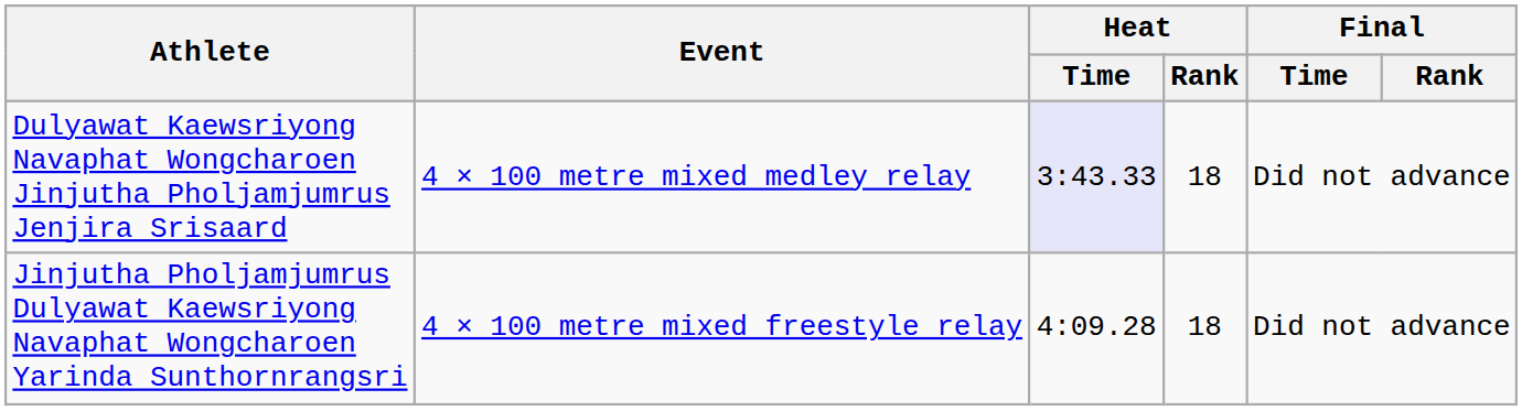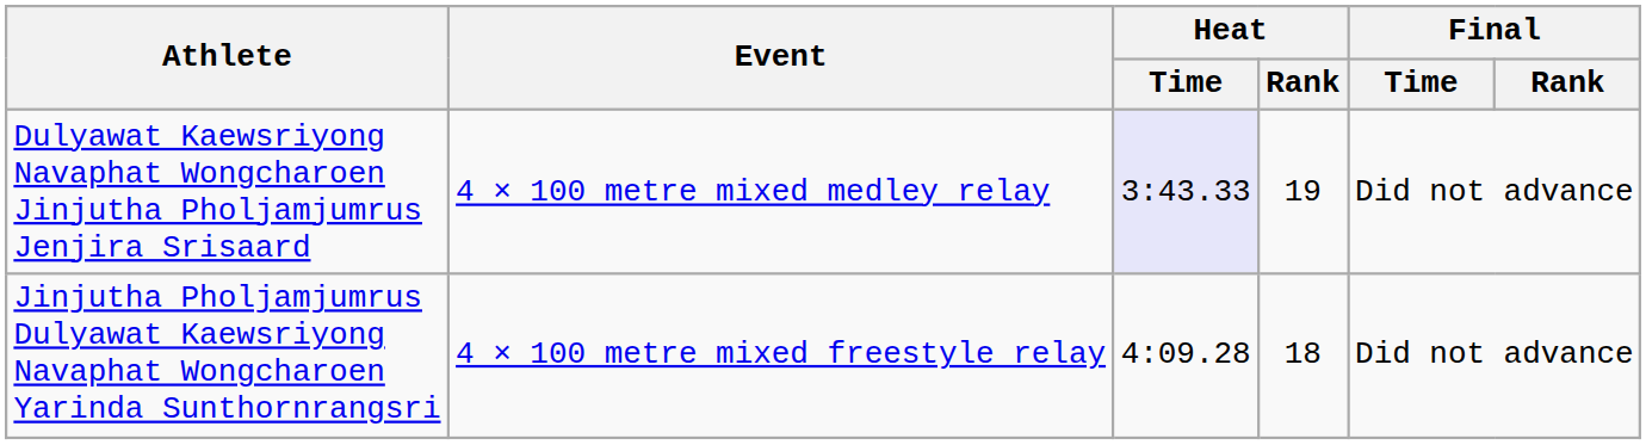 <table class="wikitable" style="font-size:90%;">
 <tr>
 <th rowspan="2">Athlete</th>
 <th rowspan="2">Event</th>
 <th colspan="2">Heat</th>
 <th colspan="2">Final</th>
 </tr>
 <tr>
 <th>Time</th>
 <th>Rank</th>
 <th>Time</th>
 <th>Rank</th>
 </tr>
 <tr align="center">
 <td align="left"><a href='#'>Dulyawat Kaewsriyong</a><br><a href='#'>Navaphat Wongcharoen</a><br><a href='#'>Jinjutha Pholjamjumrus</a><br><a href='#'>Jenjira Srisaard</a></td>
 <td align="left"><a href='#'>4 × 100 metre mixed medley relay</a></td>
 <td style="background: lavender;">3:43.33</td>
-<td>18</td>
+<td>19</td>
 <td colspan=2>Did not advance</td>
 </tr>
 <tr align="center">
 <td align="left"><a href='#'>Jinjutha Pholjamjumrus</a><br><a href='#'>Dulyawat Kaewsriyong</a><br><a href='#'>Navaphat Wongcharoen</a><br><a href='#'>Yarinda Sunthornrangsri</a></td>
 <td align="left"><a href='#'>4 × 100 metre mixed freestyle relay</a></td>
 <td>4:09.28</td>
 <td>18</td>
 <td colspan=2>Did not advance</td>
 </tr>
 </table>
